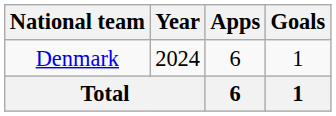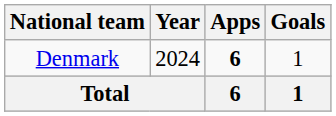 <table class=wikitable style=text-align:center>
 <tr>
 <th>National team</th>
 <th>Year</th>
 <th>Apps</th>
 <th>Goals</th>
 </tr>
 <tr>
 <td><a href='#'>Denmark</a></td>
 <td>2024</td>
-<td>6</td>
+<td><strong>6</strong></td>
 <td>1</td>
 </tr>
 <tr>
 <th colspan=2>Total</th>
 <th>6</th>
 <th>1</th>
 </tr>
 </table>
